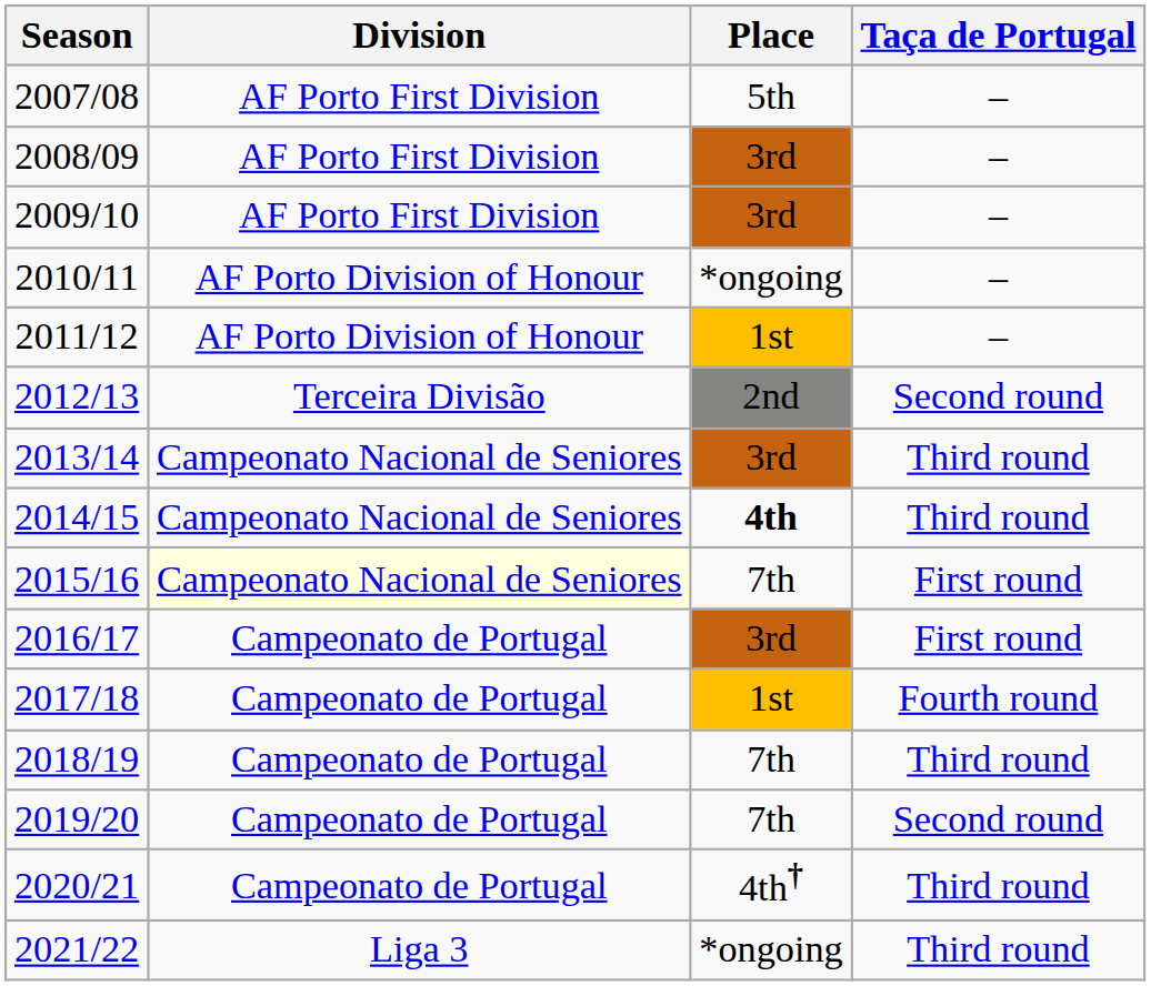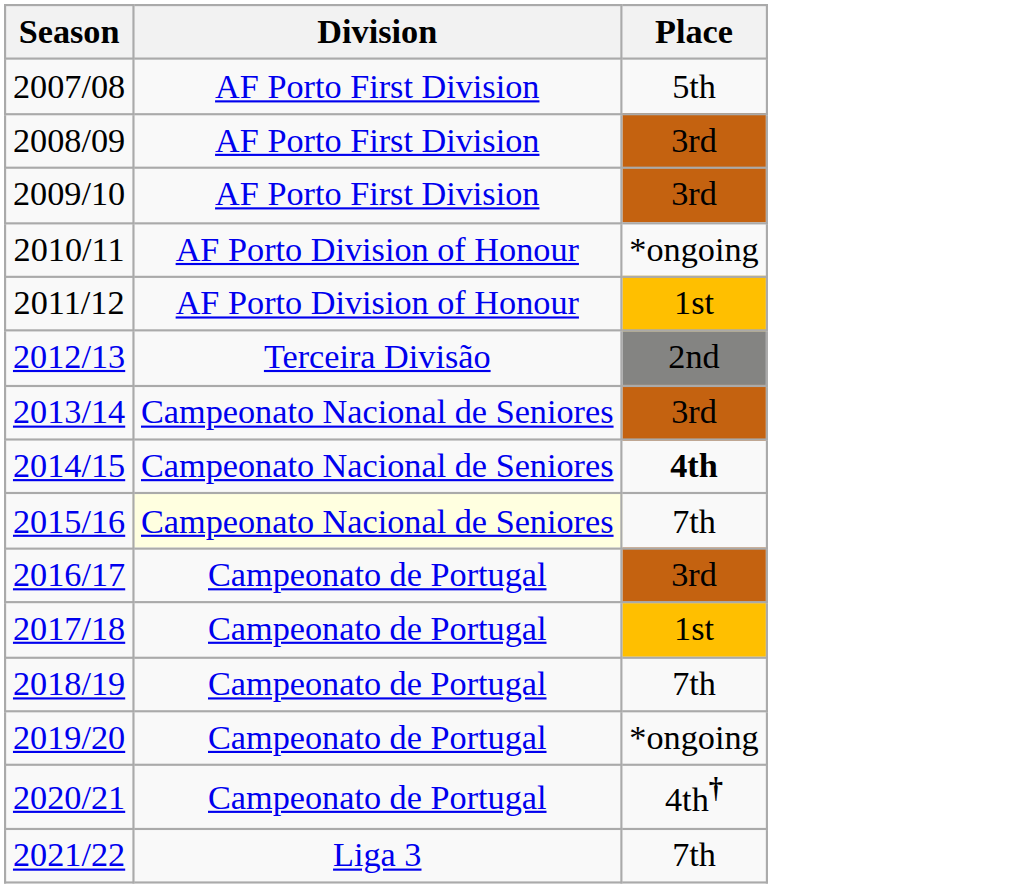 <table class="wikitable" style="text-align:center;">
 <tr style="background:#f0f6fa;">
 <th><strong>Season</strong></th>
 <th><strong>Division</strong></th>
 <th><strong>Place</strong></th>
-<th><strong><a href='#'>Taça de Portugal</a></strong></th>
 </tr>
 <tr>
 <td>2007/08</td>
 <td><a href='#'>AF Porto First Division</a></td>
 <td>5th</td>
-<td>–</td>
 </tr>
 <tr>
 <td>2008/09</td>
 <td><a href='#'>AF Porto First Division</a></td>
 <td style="background:#C46210;">3rd</td>
-<td>–</td>
 </tr>
 <tr>
 <td>2009/10</td>
 <td><a href='#'>AF Porto First Division</a></td>
 <td style="background:#C46210;">3rd</td>
-<td>–</td>
 </tr>
 <tr>
 <td>2010/11</td>
 <td><a href='#'>AF Porto Division of Honour</a></td>
 <td>*ongoing</td>
-<td>–</td>
 </tr>
 <tr>
 <td>2011/12</td>
 <td><a href='#'>AF Porto Division of Honour</a></td>
 <td style="background:#FFBF00;">1st</td>
-<td>–</td>
 </tr>
 <tr>
 <td><a href='#'>2012/13</a></td>
 <td><a href='#'>Terceira Divisão</a></td>
 <td style="background:#848482;">2nd</td>
-<td><a href='#'>Second round</a></td>
 </tr>
 <tr>
 <td><a href='#'>2013/14</a></td>
 <td><a href='#'>Campeonato Nacional de Seniores</a></td>
 <td style="background:#C46210;">3rd</td>
-<td><a href='#'>Third round</a></td>
 </tr>
 <tr>
 <td><a href='#'>2014/15</a></td>
 <td><a href='#'>Campeonato Nacional de Seniores</a></td>
 <td><strong>4th</strong></td>
-<td><a href='#'>Third round</a></td>
 </tr>
 <tr>
 <td><a href='#'>2015/16</a></td>
 <td style="background: lightyellow;"><a href='#'>Campeonato Nacional de Seniores</a></td>
 <td>7th</td>
-<td><a href='#'>First round</a></td>
 </tr>
 <tr>
 <td><a href='#'>2016/17</a></td>
 <td><a href='#'>Campeonato de Portugal</a></td>
 <td style="background:#C46210;">3rd</td>
-<td><a href='#'>First round</a></td>
 </tr>
 <tr>
 <td><a href='#'>2017/18</a></td>
 <td><a href='#'>Campeonato de Portugal</a></td>
 <td style="background:#FFBF00;">1st</td>
-<td><a href='#'>Fourth round</a></td>
 </tr>
 <tr>
 <td><a href='#'>2018/19</a></td>
 <td><a href='#'>Campeonato de Portugal</a></td>
 <td>7th</td>
-<td><a href='#'>Third round</a></td>
 </tr>
 <tr>
 <td><a href='#'>2019/20</a></td>
 <td><a href='#'>Campeonato de Portugal</a></td>
-<td>7th</td>
-<td><a href='#'>Second round</a></td>
+<td>*ongoing</td>
 </tr>
 <tr>
 <td><a href='#'>2020/21</a></td>
 <td><a href='#'>Campeonato de Portugal</a></td>
 <td>4th<sup><strong>†</strong></sup></td>
-<td><a href='#'>Third round</a></td>
 </tr>
 <tr>
 <td><a href='#'>2021/22</a></td>
 <td><a href='#'>Liga 3</a></td>
-<td>*ongoing</td>
-<td><a href='#'>Third round</a></td>
+<td>7th</td>
 </tr>
 </table>
